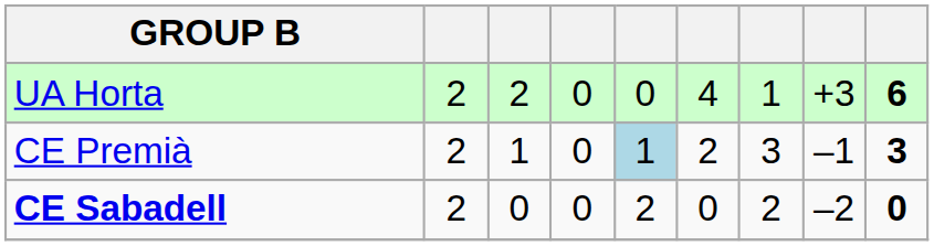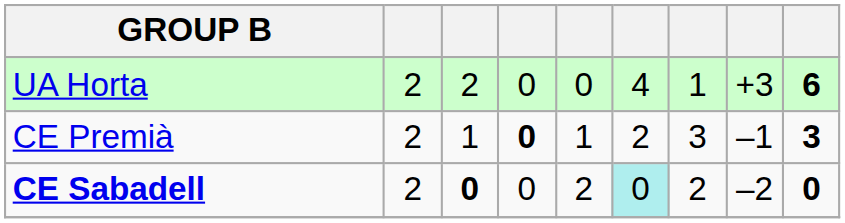 <table class="wikitable" style="text-align: center;">
 <tr>
 <th width="175">GROUP B</th>
 <th width="20"></th>
 <th width="20"></th>
 <th width="20"></th>
 <th width="20"></th>
 <th width="20"></th>
 <th width="20"></th>
 <th width="20"></th>
 <th width="20"></th>
 </tr>
 <tr bgcolor="#ccffcc">
 <td align=left> <a href='#'>UA Horta</a></td>
 <td>2</td>
 <td>2</td>
 <td>0</td>
 <td>0</td>
 <td>4</td>
 <td>1</td>
 <td>+3</td>
 <td><strong>6</strong></td>
 </tr>
 <tr>
 <td align=left> <a href='#'>CE Premià</a></td>
 <td>2</td>
 <td>1</td>
-<td>0</td>
-<td style="background: lightblue;">1</td>
+<td><strong>0</strong></td>
+<td>1</td>
 <td>2</td>
 <td>3</td>
 <td>–1</td>
 <td><strong>3</strong></td>
 </tr>
 <tr>
 <td align=left> <strong><a href='#'>CE Sabadell</a></strong></td>
 <td>2</td>
-<td>0</td>
+<td><strong>0</strong></td>
 <td>0</td>
 <td>2</td>
-<td>0</td>
+<td style="background: paleturquoise;">0</td>
 <td>2</td>
 <td>–2</td>
 <td><strong>0</strong></td>
 </tr>
 <tr>
 </tr>
 </table>
